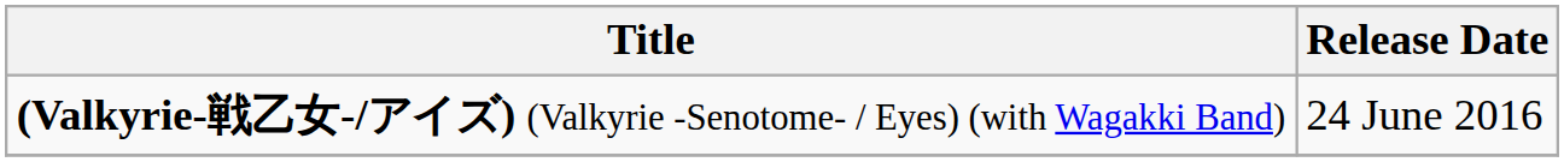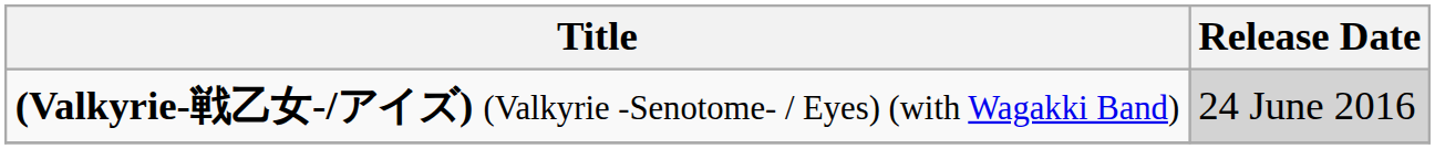 <table class="wikitable">
 <tr>
 <th>Title</th>
 <th>Release Date</th>
 </tr>
 <tr>
 <td><strong>(Valkyrie-戦乙女-/アイズ)</strong> <small>(Valkyrie -Senotome- / Eyes) (with <a href='#'>Wagakki Band</a>)</small></td>
-<td>24 June 2016</td>
+<td style="background: lightgrey;">24 June 2016</td>
 </tr>
 <tr>
 </tr>
 </table>
